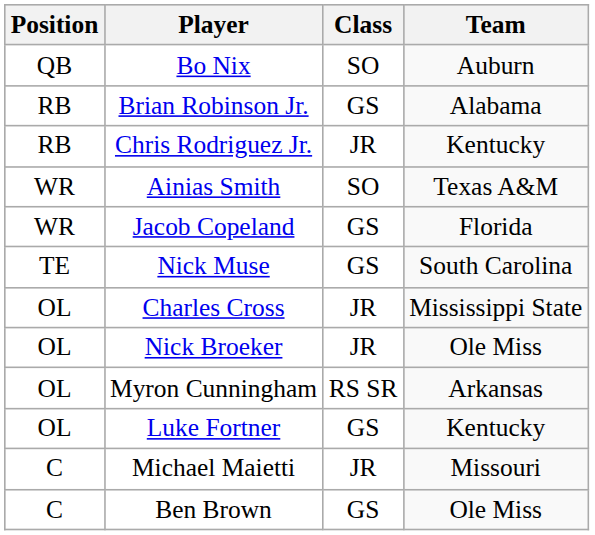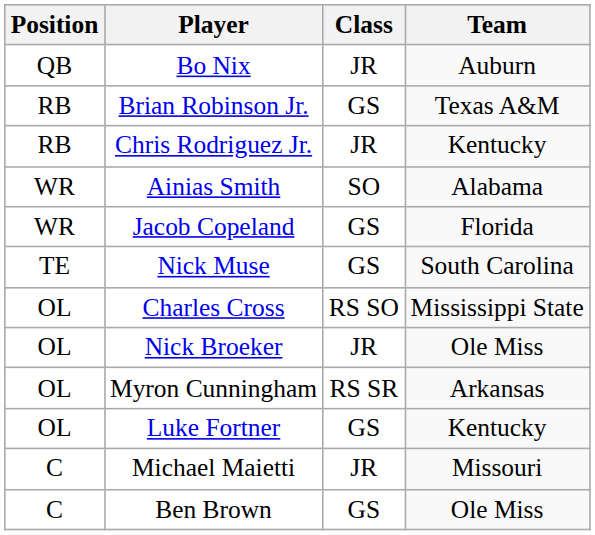 <table class="wikitable sortable">
 <tr>
 <th>Position</th>
 <th>Player</th>
 <th>Class</th>
 <th>Team</th>
 </tr>
 <tr style="text-align:center;">
 <td style="background:white">QB</td>
 <td style="background:white"><a href='#'>Bo Nix</a></td>
-<td style="background:white">SO</td>
+<td style="background:white">JR</td>
 <td>Auburn</td>
 </tr>
 <tr style="text-align:center;">
 <td style="background:white">RB</td>
 <td style="background:white"><a href='#'>Brian Robinson Jr.</a></td>
 <td style="background:white">GS</td>
-<td>Alabama</td>
+<td>Texas A&M</td>
 </tr>
 <tr style="text-align:center;">
 <td style="background:white">RB</td>
 <td style="background:white"><a href='#'>Chris Rodriguez Jr.</a></td>
 <td style="background:white">JR</td>
 <td>Kentucky</td>
 </tr>
 <tr style="text-align:center;">
 <td style="background:white">WR</td>
 <td style="background:white"><a href='#'>Ainias Smith</a></td>
 <td style="background:white">SO</td>
-<td>Texas A&M</td>
+<td>Alabama</td>
 </tr>
 <tr style="text-align:center;">
 <td style="background:white">WR</td>
 <td style="background:white"><a href='#'>Jacob Copeland</a></td>
 <td style="background:white">GS</td>
 <td>Florida</td>
 </tr>
 <tr style="text-align:center;">
 <td style="background:white">TE</td>
 <td style="background:white"><a href='#'>Nick Muse</a></td>
 <td style="background:white">GS</td>
 <td>South Carolina</td>
 </tr>
 <tr style="text-align:center;">
 <td style="background:white">OL</td>
 <td style="background:white"><a href='#'>Charles Cross</a></td>
-<td style="background:white">JR</td>
+<td style="background:white">RS SO</td>
 <td>Mississippi State</td>
 </tr>
 <tr style="text-align:center;">
 <td style="background:white">OL</td>
 <td style="background:white"><a href='#'>Nick Broeker</a></td>
 <td style="background:white">JR</td>
 <td>Ole Miss</td>
 </tr>
 <tr style="text-align:center;">
 <td style="background:white">OL</td>
 <td style="background:white">Myron Cunningham</td>
 <td style="background:white">RS SR</td>
 <td>Arkansas</td>
 </tr>
 <tr style="text-align:center;">
 <td style="background:white">OL</td>
 <td style="background:white"><a href='#'>Luke Fortner</a></td>
 <td style="background:white">GS</td>
 <td>Kentucky</td>
 </tr>
 <tr style="text-align:center;">
 <td style="background:white">C</td>
 <td style="background:white">Michael Maietti</td>
 <td style="background:white">JR</td>
 <td>Missouri</td>
 </tr>
 <tr style="text-align:center;">
 <td style="background:white">C</td>
 <td style="background:white">Ben Brown</td>
 <td style="background:white">GS</td>
 <td>Ole Miss</td>
 </tr>
 </table>
